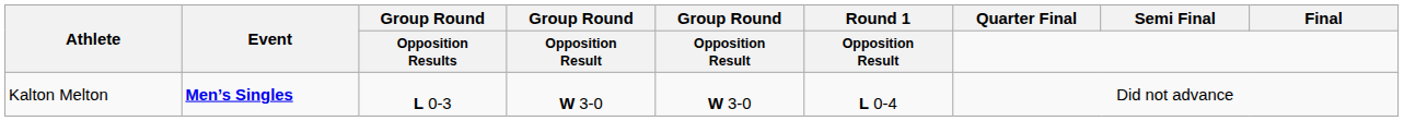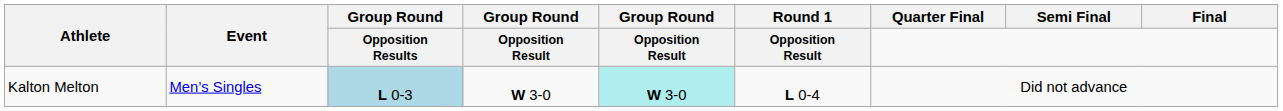 <table class=wikitable style="font-size:90%">
 <tr>
 <th rowspan="2" width=150>Athlete</th>
 <th rowspan="2" width=150>Event</th>
 <th width=125>Group Round</th>
 <th width=125>Group Round</th>
 <th width=125>Group Round</th>
 <th width=125>Round 1</th>
 <th width=125>Quarter Final</th>
 <th width=125>Semi Final</th>
 <th width=125>Final</th>
 </tr>
 <tr>
 <th style="line-height:1em"><small>Opposition<br>Results</small></th>
 <th style="line-height:1em"><small>Opposition<br>Result</small></th>
 <th style="line-height:1em"><small>Opposition<br>Result</small></th>
 <th style="line-height:1em"><small>Opposition<br>Result</small></th>
 </tr>
 <tr>
 <td>Kalton Melton</td>
-<td><strong><a href='#'>Men’s Singles</a></strong></td>
-<td align=center><br><strong>L</strong> 0-3</td>
+<td><a href='#'>Men’s Singles</a></td>
+<td align=center style="background: lightblue;"><br><strong>L</strong> 0-3</td>
 <td align=center><br><strong>W</strong> 3-0</td>
-<td align=center><br><strong>W</strong> 3-0</td>
+<td align=center style="background: paleturquoise;"><br><strong>W</strong> 3-0</td>
 <td align=center><br><strong>L</strong> 0-4</td>
 <td align=center colspan=4>Did not advance</td>
 </tr>
 </table>
